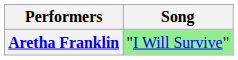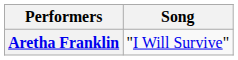 <table class="wikitable unsortable" style="text-align:center;">
 <tr>
 <th scope="col">Performers</th>
 <th scope="col">Song</th>
 </tr>
 <tr>
 <th scope="row"><a href='#'>Aretha Franklin</a></th>
-<td style="background: lightgreen;">"<a href='#'>I Will Survive</a>"</td>
+<td>"<a href='#'>I Will Survive</a>"</td>
 </tr>
 </table>
